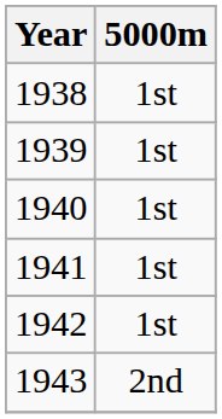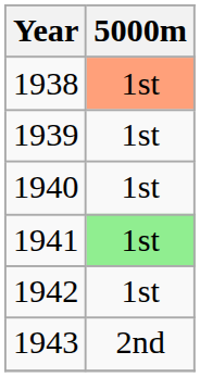 <table class=wikitable>
 <tr>
 <th>Year</th>
 <th>5000m</th>
 </tr>
 <tr>
 <td>1938</td>
-<td align="center">1st</td>
+<td align="center" style="background: lightsalmon;">1st</td>
 </tr>
 <tr>
 <td>1939</td>
 <td align="center">1st</td>
 </tr>
 <tr>
 <td>1940</td>
 <td align="center">1st</td>
 </tr>
 <tr>
 <td>1941</td>
-<td align="center">1st</td>
+<td align="center" style="background: lightgreen;">1st</td>
 </tr>
 <tr>
 <td>1942</td>
 <td align="center">1st</td>
 </tr>
 <tr>
 <td>1943</td>
 <td align="center">2nd</td>
 </tr>
 <tr>
 </tr>
 </table>
